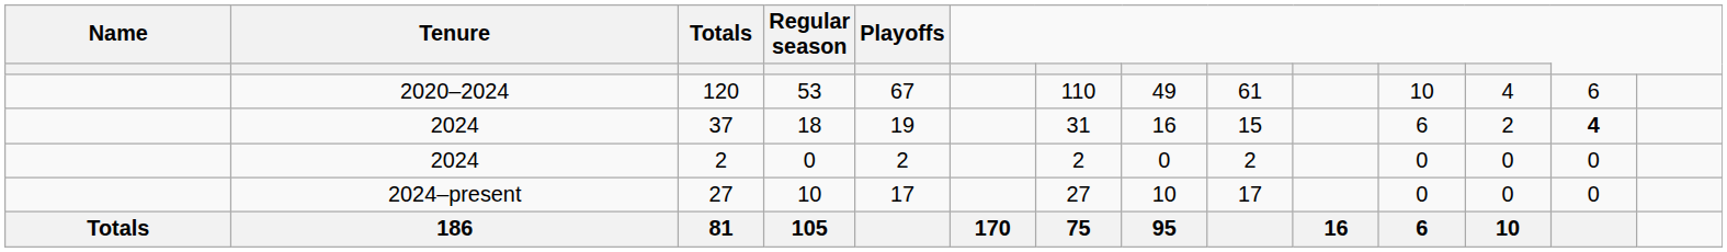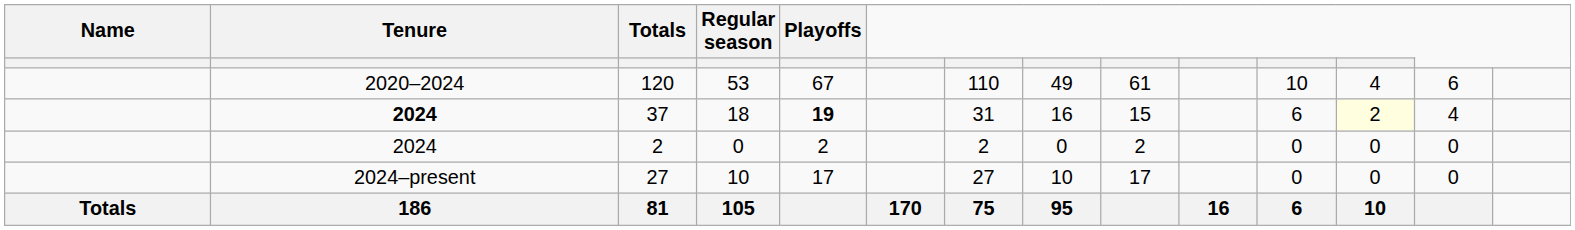 <table class="wikitable sortable" style="clear:both; margin:1.5em auto; text-align:center;">
 <tr>
 <th>Name</th>
 <th>Tenure</th>
 <th>Totals</th>
 <th>Regular season</th>
 <th>Playoffs</th>
 </tr>
 <tr>
 <th></th>
 <th></th>
 <th></th>
 <th></th>
 <th></th>
 <th></th>
 <th></th>
 <th></th>
 <th></th>
 <th></th>
 <th></th>
 <th></th>
 </tr>
 <tr>
 <td> </td>
 <td>2020–2024</td>
 <td style="width:5%;">120</td>
 <td style="width:5%;">53</td>
 <td style="width:5%;">67</td>
 <td style="width:5%;"></td>
 <td style="width:5%;">110</td>
 <td style="width:5%;">49</td>
 <td style="width:5%;">61</td>
 <td style="width:5%;"></td>
 <td style="width:5%;">10</td>
 <td style="width:5%;">4</td>
 <td style="width:5%;">6</td>
 <td style="width:5%;"></td>
 </tr>
 <tr>
 <td> </td>
-<td>2024</td>
+<td><strong>2024</strong></td>
 <td style="width:5%;">37</td>
 <td style="width:5%;">18</td>
-<td style="width:5%;">19</td>
+<td style="width:5%;"><strong>19</strong></td>
 <td style="width:5%;"></td>
 <td style="width:5%;">31</td>
 <td style="width:5%;">16</td>
 <td style="width:5%;">15</td>
 <td style="width:5%;"></td>
 <td style="width:5%;">6</td>
-<td style="width:5%;">2</td>
-<td style="width:5%;"><strong>4</strong></td>
+<td style="background: lightyellow; width:5%;">2</td>
+<td style="width:5%;">4</td>
 <td style="width:5%;"></td>
 </tr>
 <tr>
 <td> </td>
 <td>2024</td>
 <td style="width:5%;">2</td>
 <td style="width:5%;">0</td>
 <td style="width:5%;">2</td>
 <td style="width:5%;"></td>
 <td style="width:5%;">2</td>
 <td style="width:5%;">0</td>
 <td style="width:5%;">2</td>
 <td style="width:5%;"></td>
 <td style="width:5%;">0</td>
 <td style="width:5%;">0</td>
 <td style="width:5%;">0</td>
 <td style="width:5%;"></td>
 </tr>
 <tr>
 <td> </td>
 <td>2024–present</td>
 <td style="width:5%;">27</td>
 <td style="width:5%;">10</td>
 <td style="width:5%;">17</td>
 <td style="width:5%;"></td>
 <td style="width:5%;">27</td>
 <td style="width:5%;">10</td>
 <td style="width:5%;">17</td>
 <td style="width:5%;"></td>
 <td style="width:5%;">0</td>
 <td style="width:5%;">0</td>
 <td style="width:5%;">0</td>
 <td style="width:5%;"></td>
 </tr>
 <tr>
 <th>Totals</th>
 <th>186</th>
 <th>81</th>
 <th>105</th>
 <th></th>
 <th>170</th>
 <th>75</th>
 <th>95</th>
 <th></th>
 <th>16</th>
 <th>6</th>
 <th>10</th>
 <th></th>
 </tr>
 </table>
